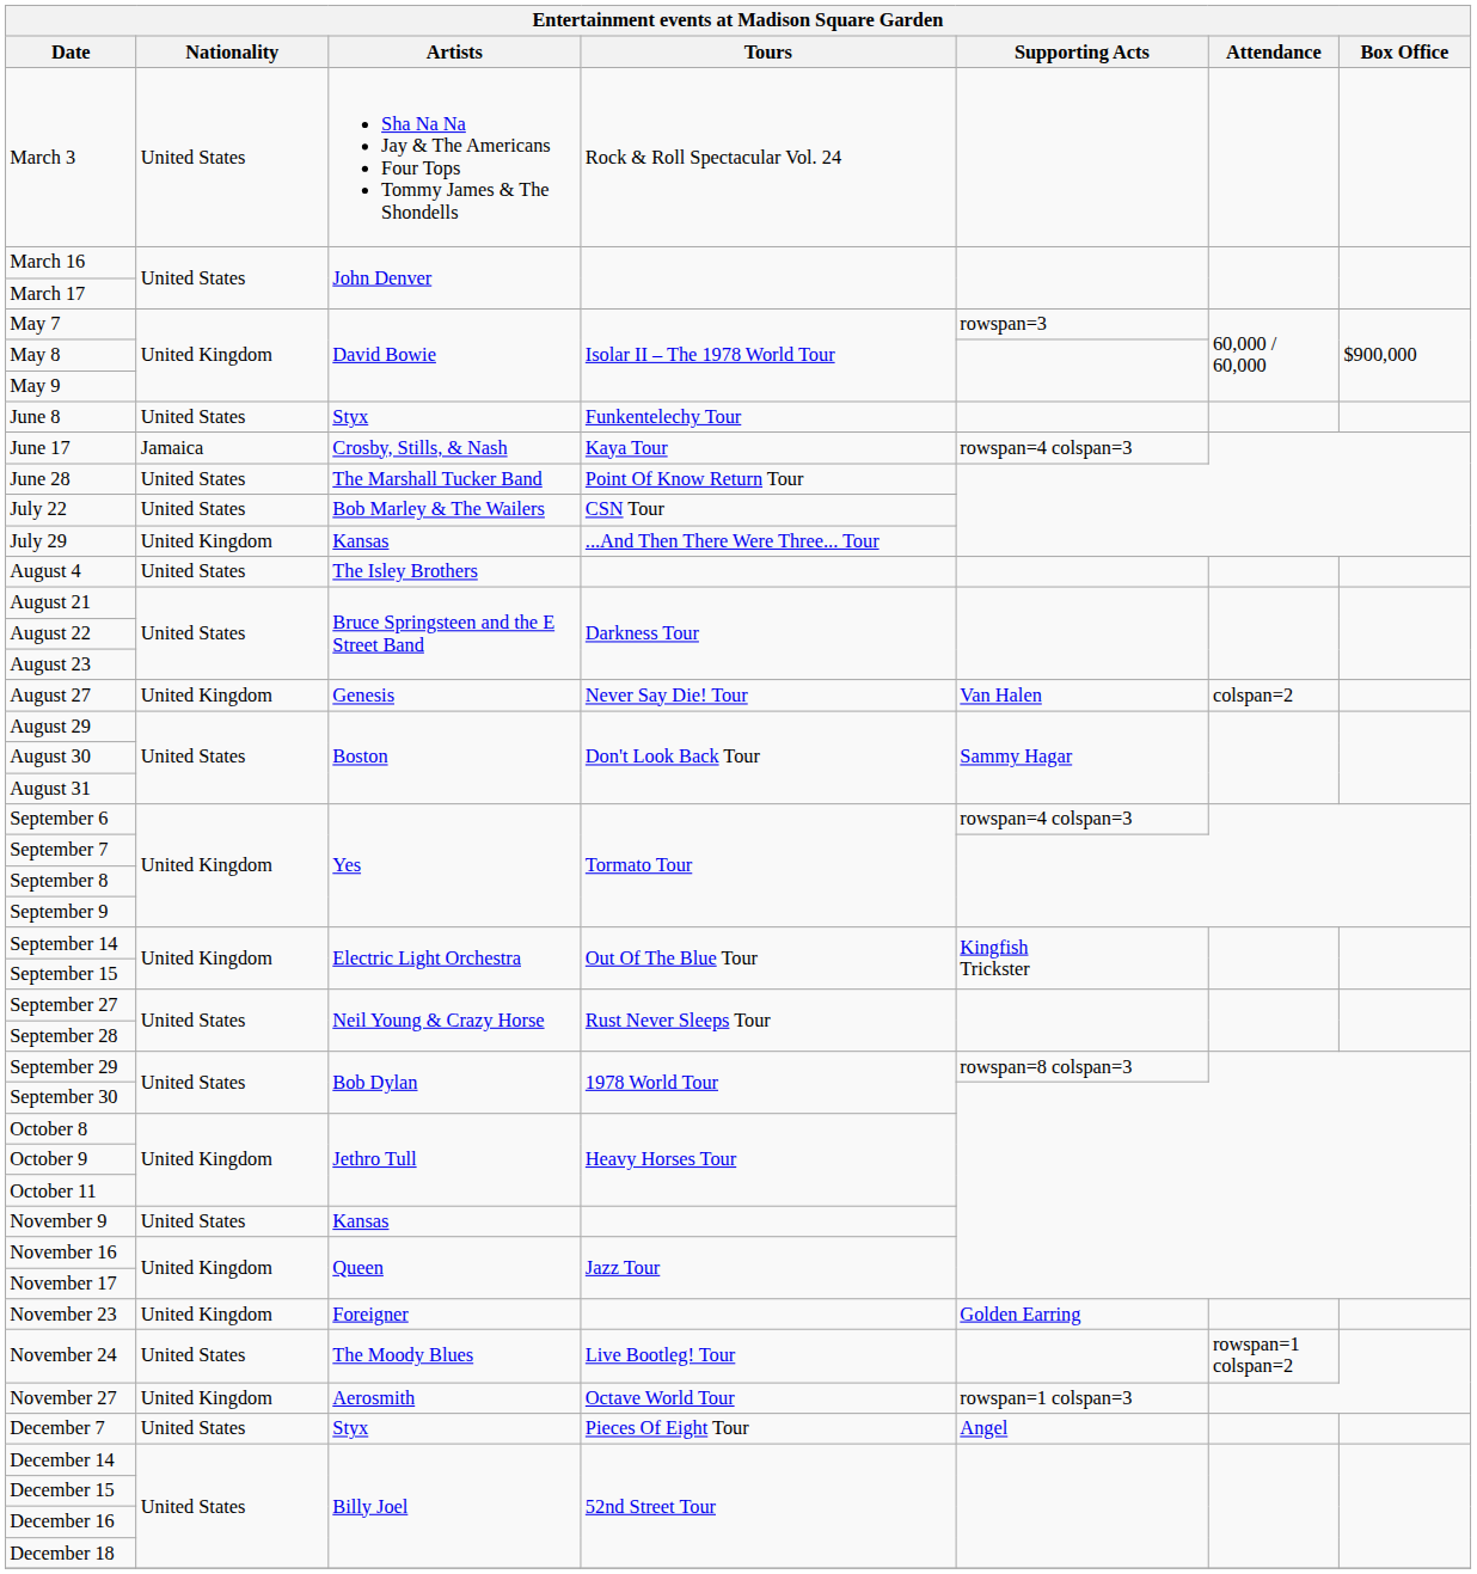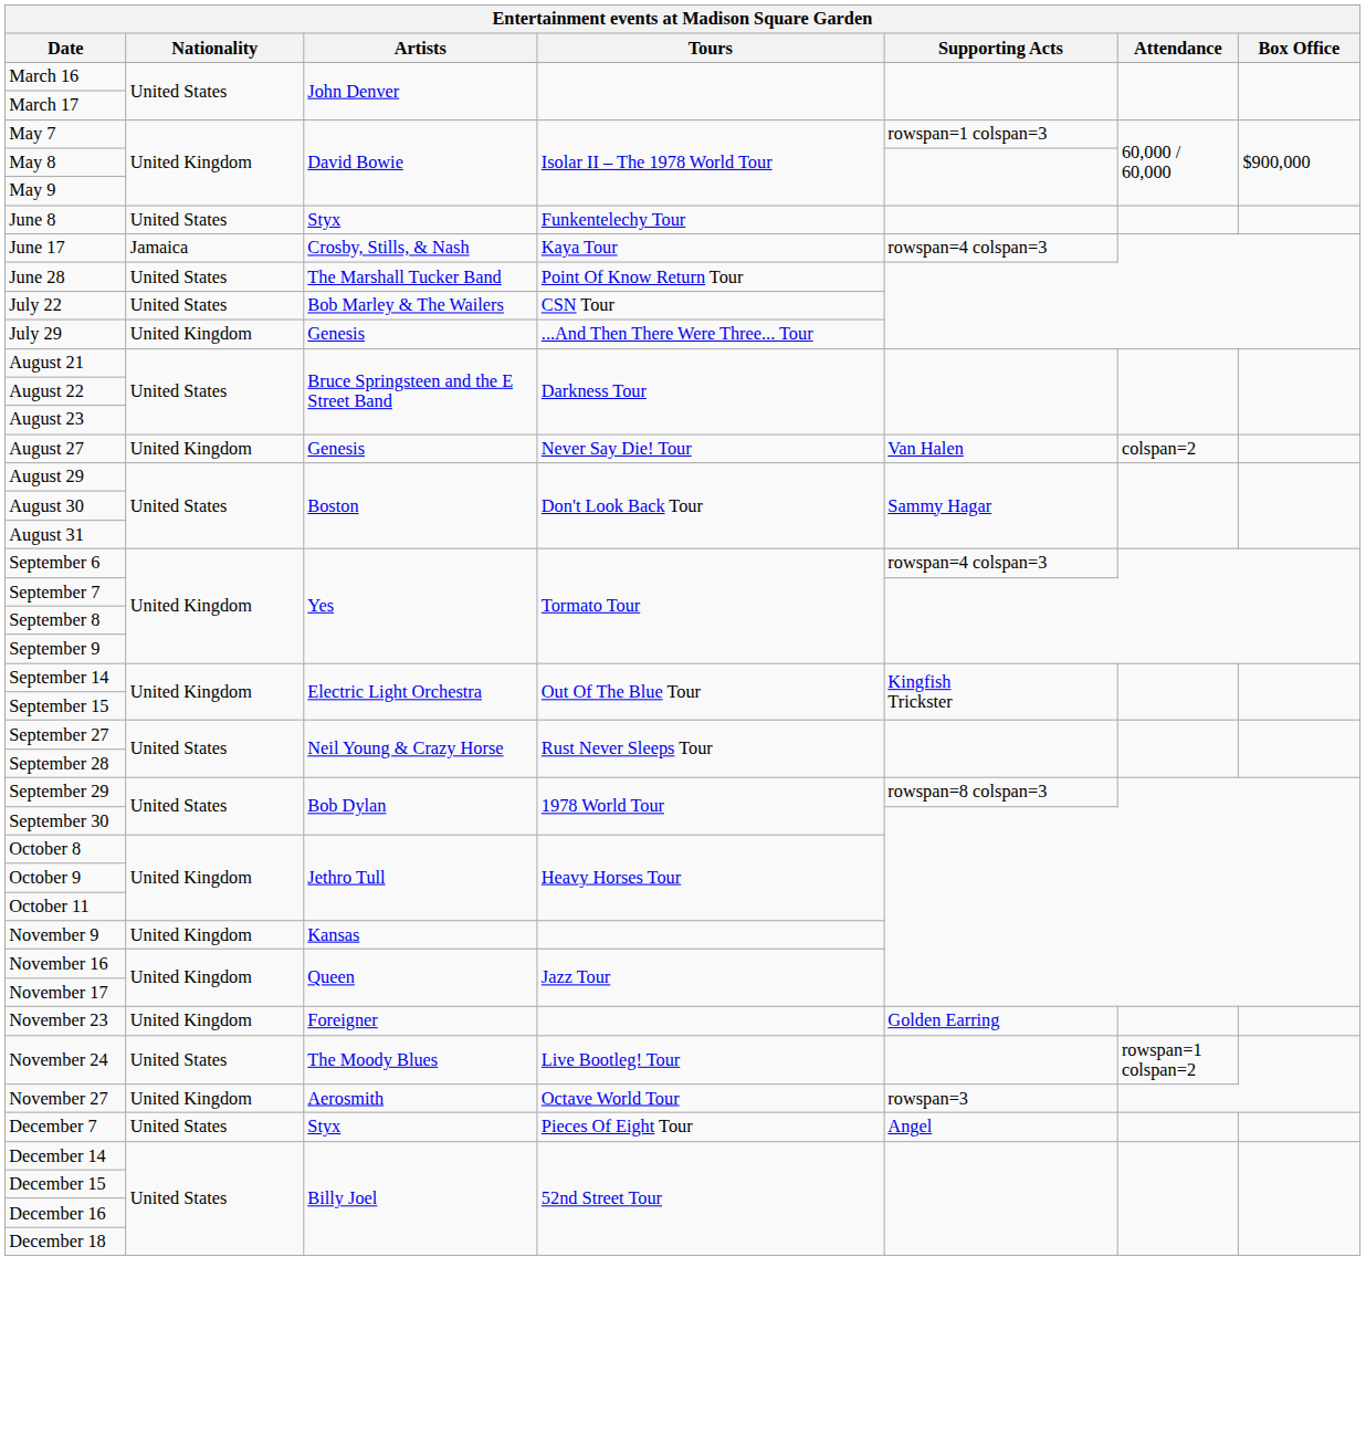 <table class="wikitable">
 <tr>
 <th colspan="7">Entertainment events at Madison Square Garden</th>
 </tr>
 <tr>
 <th width=100>Date</th>
 <th width=150>Nationality</th>
 <th width=200>Artists</th>
 <th width=300>Tours</th>
 <th width=200>Supporting Acts</th>
 <th width=100>Attendance</th>
 <th width=100>Box Office</th>
-</tr>
-<tr>
-<td>March 3</td>
-<td>United States</td>
-<td><br><ul><li><a href='#'>Sha Na Na</a></li><li>Jay & The Americans</li><li>Four Tops</li><li>Tommy James & The Shondells</li></ul></td>
-<td>Rock & Roll Spectacular Vol. 24</td>
-<td></td>
-<td></td>
-<td></td>
 </tr>
 <tr>
 <td>March 16</td>
 <td rowspan="2">United States</td>
 <td rowspan="2"><a href='#'>John Denver</a></td>
 <td rowspan="2"></td>
 <td rowspan="2"></td>
 <td rowspan="2"></td>
 <td rowspan="2"></td>
 </tr>
 <tr>
 <td>March 17</td>
 </tr>
 <tr>
 <td>May 7</td>
 <td rowspan=3>United Kingdom</td>
 <td rowspan=3><a href='#'>David Bowie</a></td>
 <td rowspan=3><a href='#'>Isolar II – The 1978 World Tour</a></td>
-<td>rowspan=3 </td>
+<td>rowspan=1 colspan=3 </td>
 <td rowspan=3>60,000 / 60,000</td>
 <td rowspan=3>$900,000</td>
 </tr>
 <tr>
 <td>May 8</td>
 </tr>
 <tr>
 <td>May 9</td>
 </tr>
 <tr>
 <td>June 8</td>
 <td>United States</td>
 <td><a href='#'>Styx</a></td>
 <td><a href='#'>Funkentelechy Tour</a></td>
 <td></td>
 <td></td>
 <td></td>
 </tr>
 <tr>
 <td>June 17</td>
 <td>Jamaica</td>
 <td><a href='#'>Crosby, Stills, & Nash</a></td>
 <td><a href='#'>Kaya Tour</a></td>
 <td>rowspan=4 colspan=3 </td>
 </tr>
 <tr>
 <td>June 28</td>
 <td>United States</td>
 <td><a href='#'>The Marshall Tucker Band</a></td>
 <td><a href='#'>Point Of Know Return</a> Tour</td>
 </tr>
 <tr>
 <td>July 22</td>
 <td>United States</td>
 <td><a href='#'>Bob Marley & The Wailers</a></td>
 <td><a href='#'>CSN</a> Tour</td>
 </tr>
 <tr>
 <td>July 29</td>
 <td>United Kingdom</td>
-<td><a href='#'>Kansas</a></td>
+<td><a href='#'>Genesis</a></td>
 <td><a href='#'>...And Then There Were Three... Tour</a></td>
-</tr>
-<tr>
-<td>August 4</td>
-<td>United States</td>
-<td><a href='#'>The Isley Brothers</a></td>
-<td></td>
-<td></td>
-<td></td>
-<td></td>
 </tr>
 <tr>
 <td>August 21</td>
 <td rowspan=3>United States</td>
 <td rowspan=3><a href='#'>Bruce Springsteen and the E Street Band</a></td>
 <td rowspan=3><a href='#'>Darkness Tour</a></td>
 <td rowspan=3></td>
 <td rowspan=3></td>
 <td rowspan=3></td>
 </tr>
 <tr>
 <td>August 22</td>
 </tr>
 <tr>
 <td>August 23</td>
 </tr>
 <tr>
 <td>August 27</td>
 <td>United Kingdom</td>
 <td><a href='#'>Genesis</a></td>
 <td><a href='#'>Never Say Die! Tour</a></td>
 <td><a href='#'>Van Halen</a></td>
 <td>colspan=2 </td>
 </tr>
 <tr>
 <td>August 29</td>
 <td rowspan="3">United States</td>
 <td rowspan="3"><a href='#'>Boston</a></td>
 <td rowspan="3"><a href='#'>Don't Look Back</a> Tour</td>
 <td rowspan="3"><a href='#'>Sammy Hagar</a></td>
 <td rowspan="3"></td>
 <td rowspan="3"></td>
 </tr>
 <tr>
 <td>August 30</td>
 </tr>
 <tr>
 <td>August 31</td>
 </tr>
 <tr>
 <td>September 6</td>
 <td rowspan=4>United Kingdom</td>
 <td rowspan=4><a href='#'>Yes</a></td>
 <td rowspan=4><a href='#'>Tormato Tour</a></td>
 <td>rowspan=4 colspan=3 </td>
 </tr>
 <tr>
 <td>September 7</td>
 </tr>
 <tr>
 <td>September 8</td>
 </tr>
 <tr>
 <td>September 9</td>
 </tr>
 <tr>
 <td>September 14</td>
 <td rowspan="2">United Kingdom</td>
 <td rowspan="2"><a href='#'>Electric Light Orchestra</a></td>
 <td rowspan="2"><a href='#'>Out Of The Blue</a> Tour</td>
 <td rowspan="2"><a href='#'>Kingfish</a><br>Trickster</td>
 <td rowspan="2"></td>
 <td rowspan="2"></td>
 </tr>
 <tr>
 <td>September 15</td>
 </tr>
 <tr>
 <td>September 27</td>
 <td rowspan="2">United States</td>
 <td rowspan="2"><a href='#'>Neil Young & Crazy Horse</a></td>
 <td rowspan="2"><a href='#'>Rust Never Sleeps</a> Tour</td>
 <td rowspan="2"></td>
 <td rowspan="2"></td>
 <td rowspan="2"></td>
 </tr>
 <tr>
 <td>September 28</td>
 </tr>
 <tr>
 <td>September 29</td>
 <td rowspan=2>United States</td>
 <td rowspan=2><a href='#'>Bob Dylan</a></td>
 <td rowspan=2><a href='#'>1978 World Tour</a></td>
 <td>rowspan=8 colspan=3 </td>
 </tr>
 <tr>
 <td>September 30</td>
 </tr>
 <tr>
 <td>October 8</td>
 <td rowspan=3>United Kingdom</td>
 <td rowspan=3><a href='#'>Jethro Tull</a></td>
 <td rowspan=3><a href='#'>Heavy Horses Tour</a></td>
 </tr>
 <tr>
 <td>October 9</td>
 </tr>
 <tr>
 <td>October 11</td>
 </tr>
 <tr>
 <td>November 9</td>
-<td>United States</td>
+<td>United Kingdom</td>
 <td><a href='#'>Kansas</a></td>
 <td></td>
 </tr>
 <tr>
 <td>November 16</td>
 <td rowspan=2>United Kingdom</td>
 <td rowspan=2><a href='#'>Queen</a></td>
 <td rowspan=2><a href='#'>Jazz Tour</a></td>
 </tr>
 <tr>
 <td>November 17</td>
 </tr>
 <tr>
 <td>November 23</td>
 <td>United Kingdom</td>
 <td><a href='#'>Foreigner</a></td>
 <td></td>
 <td><a href='#'>Golden Earring</a></td>
 <td></td>
 <td></td>
 </tr>
 <tr>
 <td>November 24</td>
 <td>United States</td>
 <td><a href='#'>The Moody Blues</a></td>
 <td><a href='#'>Live Bootleg! Tour</a></td>
 <td></td>
 <td>rowspan=1 colspan=2 </td>
 </tr>
 <tr>
 <td>November 27</td>
 <td>United Kingdom</td>
 <td><a href='#'>Aerosmith</a></td>
 <td><a href='#'>Octave World Tour</a></td>
-<td>rowspan=1 colspan=3 </td>
+<td>rowspan=3 </td>
 </tr>
 <tr>
 <td>December 7</td>
 <td>United States</td>
 <td><a href='#'>Styx</a></td>
 <td><a href='#'>Pieces Of Eight</a> Tour</td>
 <td><a href='#'>Angel</a></td>
 <td></td>
 <td></td>
 </tr>
 <tr>
 <td>December 14</td>
 <td rowspan="4">United States</td>
 <td rowspan="4"><a href='#'>Billy Joel</a></td>
 <td rowspan="4"><a href='#'>52nd Street Tour</a></td>
 <td rowspan="4"></td>
 <td rowspan="4"></td>
 <td rowspan="4"></td>
 </tr>
 <tr>
 <td>December 15</td>
 </tr>
 <tr>
 <td>December 16</td>
 </tr>
 <tr>
 <td>December 18</td>
 </tr>
 <tr>
 </tr>
 </table>
